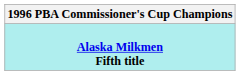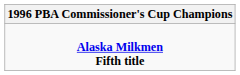 <table class=wikitable style="text-align:center; margin:auto">
 <tr>
 <th>1996 PBA Commissioner's Cup Champions</th>
 </tr>
 <tr>
-<td style="background: paleturquoise;"><br> <strong><a href='#'>Alaska Milkmen</a></strong> <br> <strong>Fifth title</strong></td>
+<td><br> <strong><a href='#'>Alaska Milkmen</a></strong> <br> <strong>Fifth title</strong></td>
 </tr>
 </table>
